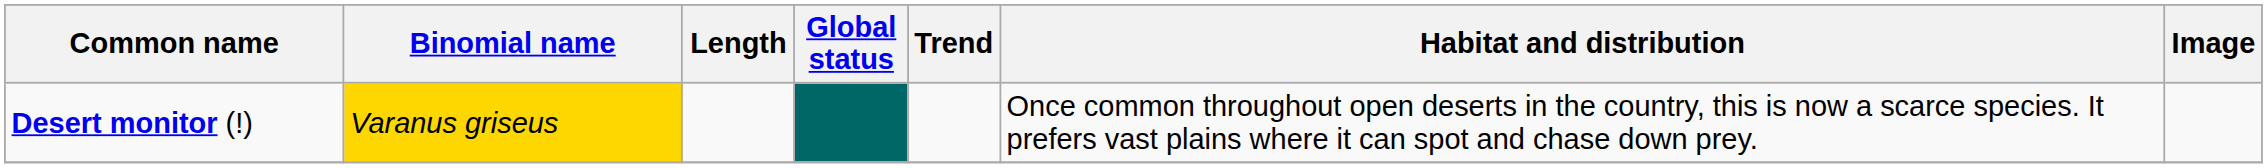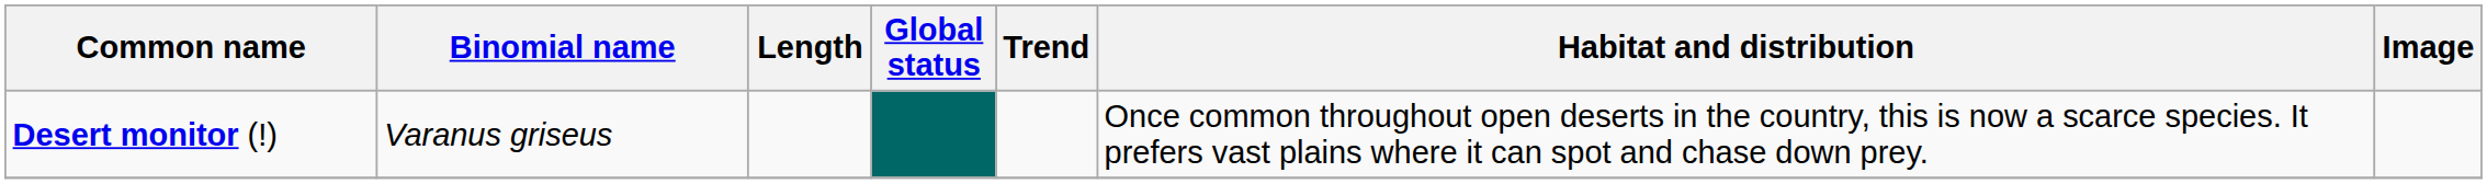 <table class="wikitable sortable">
 <tr>
 <th width="15%">Common name</th>
 <th width="15%"><a href='#'>Binomial name</a></th>
 <th width="5%">Length</th>
 <th width="5%"><a href='#'>Global status</a></th>
 <th width="1%">Trend</th>
 <th class="unsortable">Habitat and distribution</th>
 <th class="unsortable">Image</th>
 </tr>
 <tr>
 <td><strong><a href='#'>Desert monitor</a></strong>  (!)</td>
-<td style="background: gold;"><em>Varanus griseus</em></td>
+<td><em>Varanus griseus</em></td>
 <td></td>
 <td align=center style="background: #006666"></td>
 <td align=center></td>
 <td>Once common throughout open deserts in the country, this is now a scarce species. It prefers vast plains where it can spot and chase down prey.</td>
 <td></td>
 </tr>
 <tr>
 </tr>
 </table>
